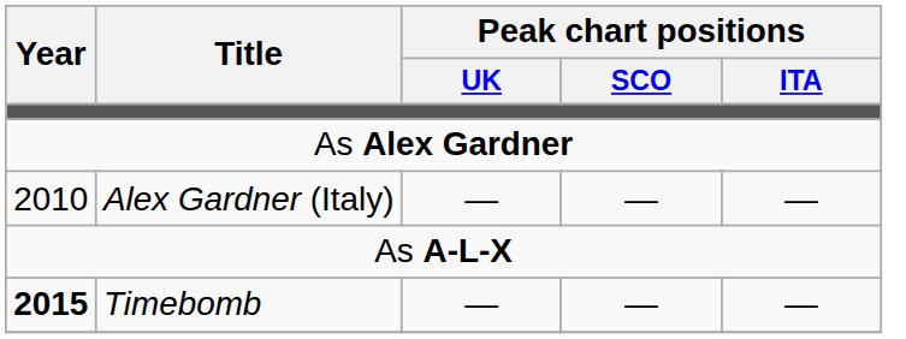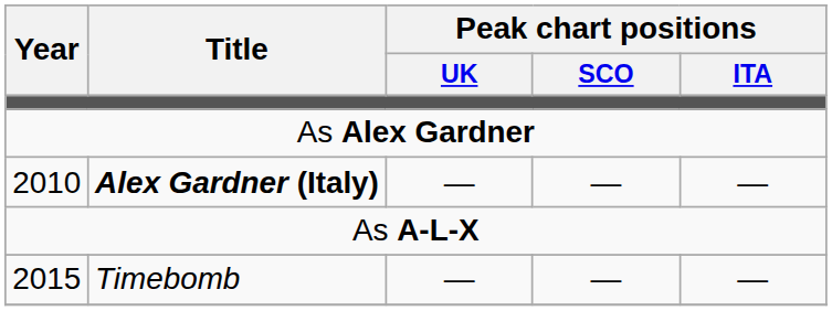 <table class="wikitable" style=text-align:center;>
 <tr>
 <th rowspan="2">Year</th>
 <th rowspan="2">Title</th>
 <th colspan="3">Peak chart positions</th>
 </tr>
 <tr style=font-size:smaller>
 <th width=70><a href='#'>UK</a></th>
 <th width=70><a href='#'>SCO</a></th>
 <th width=70><a href='#'>ITA</a></th>
 </tr>
 <tr>
 <td colspan="8" style="background:#555;"></td>
 </tr>
 <tr>
 <td colspan=8>As <strong>Alex Gardner</strong></td>
 </tr>
 <tr>
 <td rowspan="1">2010</td>
-<td align="left"><em>Alex Gardner</em> (Italy)</td>
+<td align="left"><strong><em>Alex Gardner</em> (Italy)</strong></td>
 <td style="text-align:center;">—</td>
 <td style="text-align:center;">—</td>
 <td style="text-align:center;">—</td>
 </tr>
 <tr>
 <td colspan=8>As <strong>A-L-X</strong></td>
 </tr>
 <tr>
-<td rowspan="1"><strong>2015</strong></td>
+<td rowspan="1">2015</td>
 <td align="left"><em>Timebomb</em></td>
 <td style="text-align:center;">—</td>
 <td style="text-align:center;">—</td>
 <td style="text-align:center;">—</td>
 </tr>
 <tr>
 </tr>
 </table>
